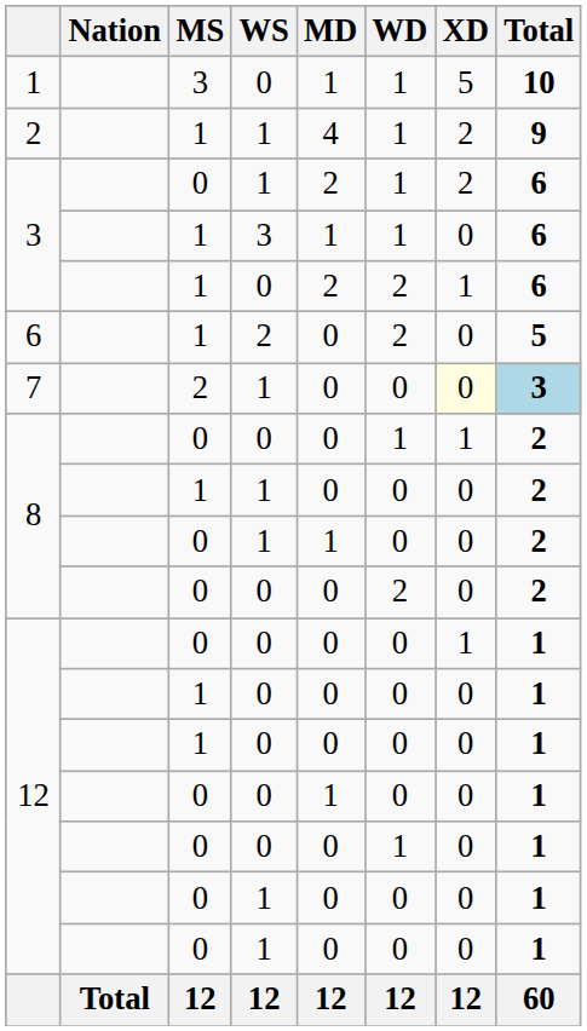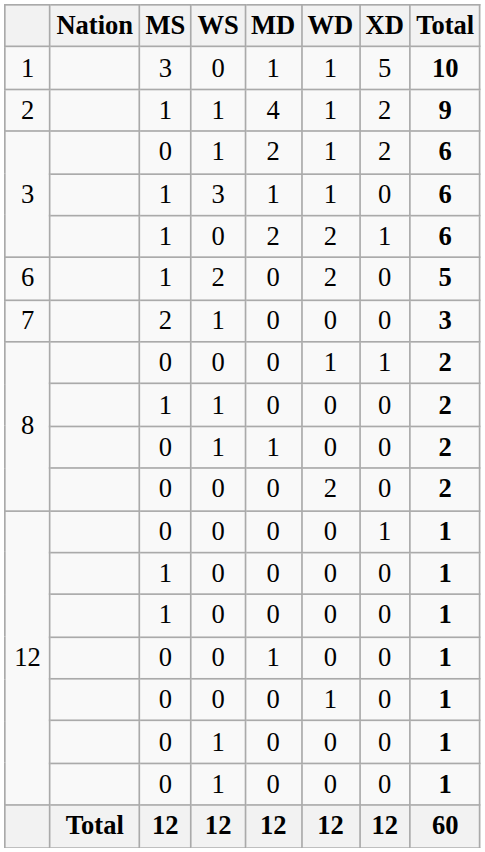 <table class="wikitable" style="text-align:center">
 <tr>
 <th width="20"></th>
 <th>Nation</th>
 <th width="20">MS</th>
 <th width="20">WS</th>
 <th width="20">MD</th>
 <th width="20">WD</th>
 <th width="20">XD</th>
 <th>Total</th>
 </tr>
 <tr>
 <td>1</td>
 <td align=left></td>
 <td>3</td>
 <td>0</td>
 <td>1</td>
 <td>1</td>
 <td>5</td>
 <td><strong>10</strong></td>
 </tr>
 <tr>
 <td>2</td>
 <td align=left></td>
 <td>1</td>
 <td>1</td>
 <td>4</td>
 <td>1</td>
 <td>2</td>
 <td><strong>9</strong></td>
 </tr>
 <tr>
 <td rowspan="3">3</td>
 <td align=left></td>
 <td>0</td>
 <td>1</td>
 <td>2</td>
 <td>1</td>
 <td>2</td>
 <td><strong>6</strong></td>
 </tr>
 <tr>
 <td align=left></td>
 <td>1</td>
 <td>3</td>
 <td>1</td>
 <td>1</td>
 <td>0</td>
 <td><strong>6</strong></td>
 </tr>
 <tr>
 <td align=left><strong></strong></td>
 <td>1</td>
 <td>0</td>
 <td>2</td>
 <td>2</td>
 <td>1</td>
 <td><strong>6</strong></td>
 </tr>
 <tr>
 <td>6</td>
 <td align=left></td>
 <td>1</td>
 <td>2</td>
 <td>0</td>
 <td>2</td>
 <td>0</td>
 <td><strong>5</strong></td>
 </tr>
 <tr>
 <td>7</td>
 <td align=left></td>
 <td>2</td>
 <td>1</td>
 <td>0</td>
 <td>0</td>
-<td style="background: lightyellow;">0</td>
-<td style="background: lightblue;"><strong>3</strong></td>
+<td>0</td>
+<td><strong>3</strong></td>
 </tr>
 <tr>
 <td rowspan="4">8</td>
 <td align=left></td>
 <td>0</td>
 <td>0</td>
 <td>0</td>
 <td>1</td>
 <td>1</td>
 <td><strong>2</strong></td>
 </tr>
 <tr>
 <td align=left></td>
 <td>1</td>
 <td>1</td>
 <td>0</td>
 <td>0</td>
 <td>0</td>
 <td><strong>2</strong></td>
 </tr>
 <tr>
 <td align=left></td>
 <td>0</td>
 <td>1</td>
 <td>1</td>
 <td>0</td>
 <td>0</td>
 <td><strong>2</strong></td>
 </tr>
 <tr>
 <td align=left></td>
 <td>0</td>
 <td>0</td>
 <td>0</td>
 <td>2</td>
 <td>0</td>
 <td><strong>2</strong></td>
 </tr>
 <tr>
 <td rowspan="7">12</td>
 <td align=left></td>
 <td>0</td>
 <td>0</td>
 <td>0</td>
 <td>0</td>
 <td>1</td>
 <td><strong>1</strong></td>
 </tr>
 <tr>
 <td align=left></td>
 <td>1</td>
 <td>0</td>
 <td>0</td>
 <td>0</td>
 <td>0</td>
 <td><strong>1</strong></td>
 </tr>
 <tr>
 <td align=left></td>
 <td>1</td>
 <td>0</td>
 <td>0</td>
 <td>0</td>
 <td>0</td>
 <td><strong>1</strong></td>
 </tr>
 <tr>
 <td align=left></td>
 <td>0</td>
 <td>0</td>
 <td>1</td>
 <td>0</td>
 <td>0</td>
 <td><strong>1</strong></td>
 </tr>
 <tr>
 <td align=left></td>
 <td>0</td>
 <td>0</td>
 <td>0</td>
 <td>1</td>
 <td>0</td>
 <td><strong>1</strong></td>
 </tr>
 <tr>
 <td align=left></td>
 <td>0</td>
 <td>1</td>
 <td>0</td>
 <td>0</td>
 <td>0</td>
 <td><strong>1</strong></td>
 </tr>
 <tr>
 <td align=left></td>
 <td>0</td>
 <td>1</td>
 <td>0</td>
 <td>0</td>
 <td>0</td>
 <td><strong>1</strong></td>
 </tr>
 <tr>
 <th></th>
 <th align=left><strong>Total</strong></th>
 <th>12</th>
 <th>12</th>
 <th>12</th>
 <th>12</th>
 <th>12</th>
 <th>60</th>
 </tr>
 </table>
